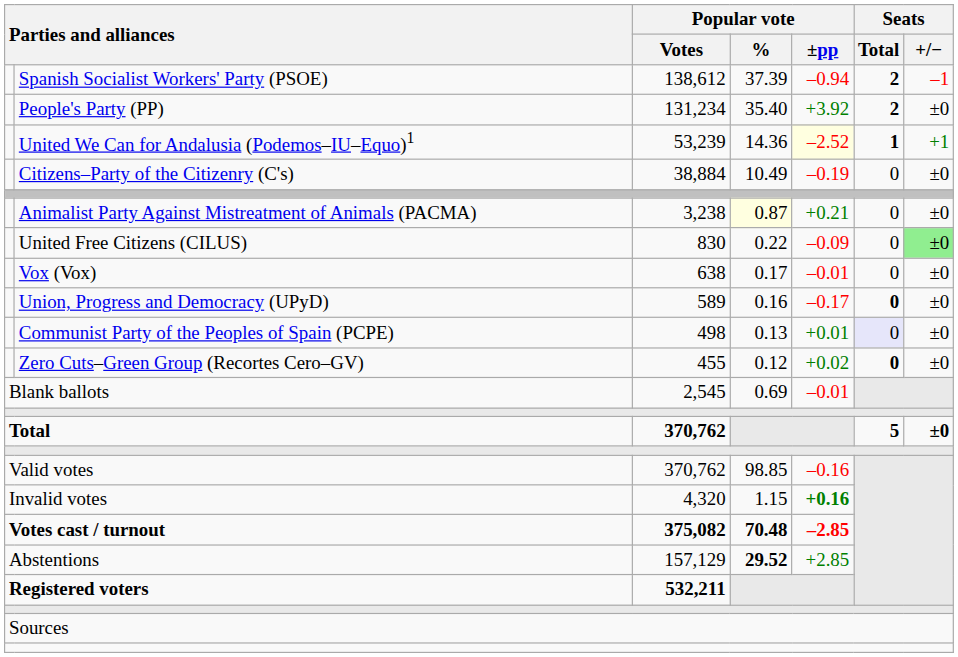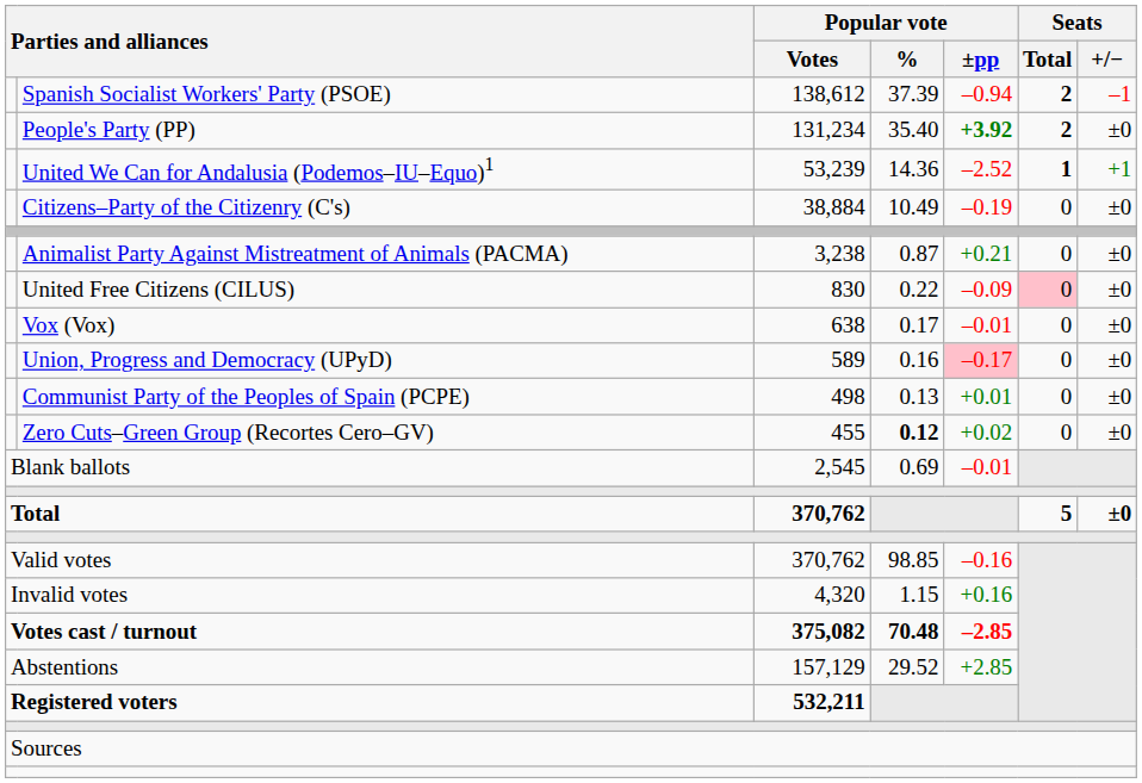 <table class="wikitable" style="text-align:right;">
 <tr>
 <th style="text-align:left;" rowspan="2" colspan="2" width="525">Parties and alliances</th>
 <th colspan="3">Popular vote</th>
 <th colspan="2">Seats</th>
 </tr>
 <tr>
 <th width="75">Votes</th>
 <th width="45">%</th>
 <th width="45">±<a href='#'>pp</a></th>
 <th width="35">Total</th>
 <th width="35">+/−</th>
 </tr>
 <tr>
 <td width="1" style="color:inherit;background:"></td>
 <td align="left"><a href='#'>Spanish Socialist Workers' Party</a> (PSOE)</td>
 <td>138,612</td>
 <td>37.39</td>
 <td style="color:red;">–0.94</td>
 <td><strong>2</strong></td>
 <td style="color:red;">–1</td>
 </tr>
 <tr>
 <td style="color:inherit;background:"></td>
 <td align="left"><a href='#'>People's Party</a> (PP)</td>
 <td>131,234</td>
 <td>35.40</td>
-<td style="color:green;">+3.92</td>
+<td style="color:green;"><strong>+3.92</strong></td>
 <td><strong>2</strong></td>
 <td>±0</td>
 </tr>
 <tr>
 <td style="color:inherit;background:"></td>
 <td align="left"><a href='#'>United We Can for Andalusia</a> (<a href='#'>Podemos</a>–<a href='#'>IU</a>–<a href='#'>Equo</a>)<sup>1</sup></td>
 <td>53,239</td>
 <td>14.36</td>
-<td style="background: lightyellow; color:red;">–2.52</td>
+<td style="color:red;">–2.52</td>
 <td><strong>1</strong></td>
 <td style="color:green;">+1</td>
 </tr>
 <tr>
 <td style="color:inherit;background:"></td>
 <td align="left"><a href='#'>Citizens–Party of the Citizenry</a> (C's)</td>
 <td>38,884</td>
 <td>10.49</td>
 <td style="color:red;">–0.19</td>
 <td>0</td>
 <td>±0</td>
 </tr>
 <tr>
 <td colspan="7" bgcolor="#C0C0C0"></td>
 </tr>
 <tr>
 <td style="color:inherit;background:"></td>
 <td align="left"><a href='#'>Animalist Party Against Mistreatment of Animals</a> (PACMA)</td>
 <td>3,238</td>
-<td style="background: lightyellow;">0.87</td>
+<td>0.87</td>
 <td style="color:green;">+0.21</td>
 <td>0</td>
 <td>±0</td>
 </tr>
 <tr>
 <td style="color:inherit;background:"></td>
 <td align="left">United Free Citizens (CILUS)</td>
 <td>830</td>
 <td>0.22</td>
 <td style="color:red;">–0.09</td>
-<td>0</td>
-<td style="background: lightgreen;">±0</td>
+<td style="background: pink;">0</td>
+<td>±0</td>
 </tr>
 <tr>
 <td style="color:inherit;background:"></td>
 <td align="left"><a href='#'>Vox</a> (Vox)</td>
 <td>638</td>
 <td>0.17</td>
 <td style="color:red;">–0.01</td>
 <td>0</td>
 <td>±0</td>
 </tr>
 <tr>
 <td style="color:inherit;background:"></td>
 <td align="left"><a href='#'>Union, Progress and Democracy</a> (UPyD)</td>
 <td>589</td>
 <td>0.16</td>
-<td style="color:red;">–0.17</td>
-<td><strong>0</strong></td>
+<td style="background: pink; color:red;">–0.17</td>
+<td>0</td>
 <td>±0</td>
 </tr>
 <tr>
 <td style="color:inherit;background:"></td>
 <td align="left"><a href='#'>Communist Party of the Peoples of Spain</a> (PCPE)</td>
 <td>498</td>
 <td>0.13</td>
 <td style="color:green;">+0.01</td>
-<td style="background: lavender;">0</td>
+<td>0</td>
 <td>±0</td>
 </tr>
 <tr>
 <td style="color:inherit;background:"></td>
 <td align="left"><a href='#'>Zero Cuts</a>–<a href='#'>Green Group</a> (Recortes Cero–GV)</td>
 <td>455</td>
-<td>0.12</td>
+<td><strong>0.12</strong></td>
 <td style="color:green;">+0.02</td>
-<td><strong>0</strong></td>
+<td>0</td>
 <td>±0</td>
 </tr>
 <tr>
 <td align="left" colspan="2">Blank ballots</td>
 <td>2,545</td>
 <td>0.69</td>
 <td style="color:red;">–0.01</td>
 <td bgcolor="#E9E9E9" colspan="2"></td>
 </tr>
 <tr>
 <td colspan="7" bgcolor="#E9E9E9"></td>
 </tr>
 <tr style="font-weight:bold;">
 <td align="left" colspan="2">Total</td>
 <td>370,762</td>
 <td bgcolor="#E9E9E9" colspan="2"></td>
 <td>5</td>
 <td>±0</td>
 </tr>
 <tr>
 <td colspan="7" bgcolor="#E9E9E9"></td>
 </tr>
 <tr>
 <td align="left" colspan="2">Valid votes</td>
 <td>370,762</td>
 <td>98.85</td>
 <td style="color:red;">–0.16</td>
 <td bgcolor="#E9E9E9" colspan="2" rowspan="5"></td>
 </tr>
 <tr>
 <td align="left" colspan="2">Invalid votes</td>
 <td>4,320</td>
 <td>1.15</td>
-<td style="color:green;"><strong>+0.16</strong></td>
+<td style="color:green;">+0.16</td>
 </tr>
 <tr style="font-weight:bold;">
 <td align="left" colspan="2">Votes cast / turnout</td>
 <td>375,082</td>
 <td>70.48</td>
 <td style="color:red;">–2.85</td>
 </tr>
 <tr>
 <td align="left" colspan="2">Abstentions</td>
 <td>157,129</td>
-<td><strong>29.52</strong></td>
+<td>29.52</td>
 <td style="color:green;">+2.85</td>
 </tr>
 <tr style="font-weight:bold;">
 <td align="left" colspan="2">Registered voters</td>
 <td>532,211</td>
 <td bgcolor="#E9E9E9" colspan="2"></td>
 </tr>
 <tr>
 <td colspan="7" bgcolor="#E9E9E9"></td>
 </tr>
 <tr>
 <td align="left" colspan="7">Sources</td>
 </tr>
 <tr>
 <td colspan="7" style="text-align:left; max-width:790px;"></td>
 </tr>
 </table>
